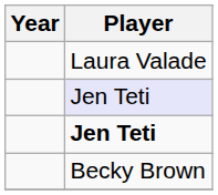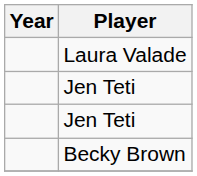 <table class= "wikitable">
 <tr>
 <th width=px>Year</th>
 <th width=px>Player</th>
 </tr>
 <tr>
 <td></td>
 <td>Laura Valade</td>
 </tr>
 <tr>
 <td></td>
-<td style="background: lavender;">Jen Teti</td>
+<td>Jen Teti</td>
 </tr>
 <tr>
 <td></td>
-<td><strong>Jen Teti</strong></td>
+<td>Jen Teti</td>
 </tr>
 <tr>
 <td></td>
 <td>Becky Brown</td>
 </tr>
 <tr>
 </tr>
 </table>
